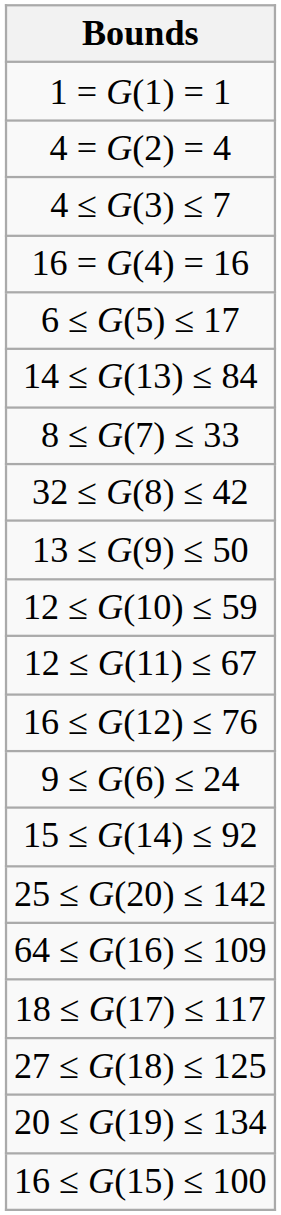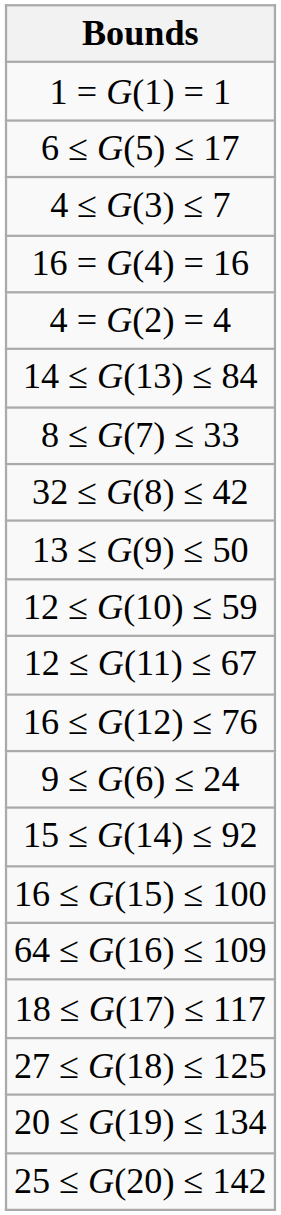 <table class="wikitable" style="float:right; text-align: center">
 <tr>
 <th>Bounds</th>
 </tr>
 <tr>
 <td>1 = <em>G</em>(1) = 1</td>
 </tr>
 <tr>
-<td>4 = <em>G</em>(2) = 4</td>
+<td>6 ≤ <em>G</em>(5) ≤ 17</td>
 </tr>
 <tr>
 <td>4 ≤ <em>G</em>(3) ≤ 7</td>
 </tr>
 <tr>
 <td>16 = <em>G</em>(4) = 16</td>
 </tr>
 <tr>
-<td>6 ≤ <em>G</em>(5) ≤ 17</td>
+<td>4 = <em>G</em>(2) = 4</td>
 </tr>
 <tr>
 <td>14 ≤ <em>G</em>(13) ≤ 84</td>
 </tr>
 <tr>
 <td>8 ≤ <em>G</em>(7) ≤ 33</td>
 </tr>
 <tr>
 <td>32 ≤ <em>G</em>(8) ≤ 42</td>
 </tr>
 <tr>
 <td>13 ≤ <em>G</em>(9) ≤ 50</td>
 </tr>
 <tr>
 <td>12 ≤ <em>G</em>(10) ≤ 59</td>
 </tr>
 <tr>
 <td>12 ≤ <em>G</em>(11) ≤ 67</td>
 </tr>
 <tr>
 <td>16 ≤ <em>G</em>(12) ≤ 76</td>
 </tr>
 <tr>
 <td>9 ≤ <em>G</em>(6) ≤ 24</td>
 </tr>
 <tr>
 <td>15 ≤ <em>G</em>(14) ≤ 92</td>
 </tr>
 <tr>
-<td>25 ≤ <em>G</em>(20) ≤ 142</td>
+<td>16 ≤ <em>G</em>(15) ≤ 100</td>
 </tr>
 <tr>
 <td>64 ≤ <em>G</em>(16) ≤ 109</td>
 </tr>
 <tr>
 <td>18 ≤ <em>G</em>(17) ≤ 117</td>
 </tr>
 <tr>
 <td>27 ≤ <em>G</em>(18) ≤ 125</td>
 </tr>
 <tr>
 <td>20 ≤ <em>G</em>(19) ≤ 134</td>
 </tr>
 <tr>
-<td>16 ≤ <em>G</em>(15) ≤ 100</td>
+<td>25 ≤ <em>G</em>(20) ≤ 142</td>
 </tr>
 </table>
